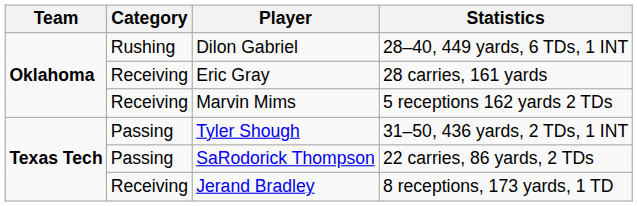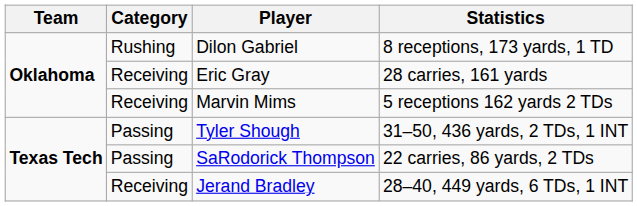 <table class="wikitable" style="float: right;">
 <tr>
 <th>Team</th>
 <th>Category</th>
 <th>Player</th>
 <th>Statistics</th>
 </tr>
 <tr>
 <td rowspan=3><strong>Oklahoma</strong></td>
 <td>Rushing</td>
 <td>Dilon Gabriel</td>
-<td>28–40, 449 yards, 6 TDs, 1 INT</td>
+<td>8 receptions, 173 yards, 1 TD</td>
 </tr>
 <tr>
 <td>Receiving</td>
 <td>Eric Gray</td>
 <td>28 carries, 161 yards</td>
 </tr>
 <tr>
 <td>Receiving</td>
 <td>Marvin Mims</td>
 <td>5 receptions 162 yards 2 TDs</td>
 </tr>
 <tr>
 <td rowspan=3><strong>Texas Tech</strong></td>
 <td>Passing</td>
 <td><a href='#'>Tyler Shough</a></td>
 <td>31–50, 436 yards, 2 TDs, 1 INT</td>
 </tr>
 <tr>
 <td>Passing</td>
 <td><a href='#'>SaRodorick Thompson</a></td>
 <td>22 carries, 86 yards, 2 TDs</td>
 </tr>
 <tr>
 <td>Receiving</td>
 <td><a href='#'>Jerand Bradley</a></td>
-<td>8 receptions, 173 yards, 1 TD</td>
+<td>28–40, 449 yards, 6 TDs, 1 INT</td>
 </tr>
 </table>
